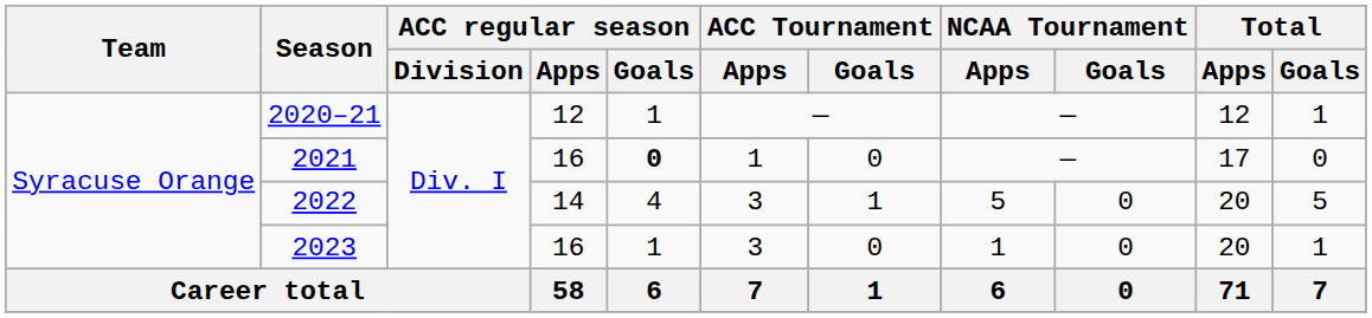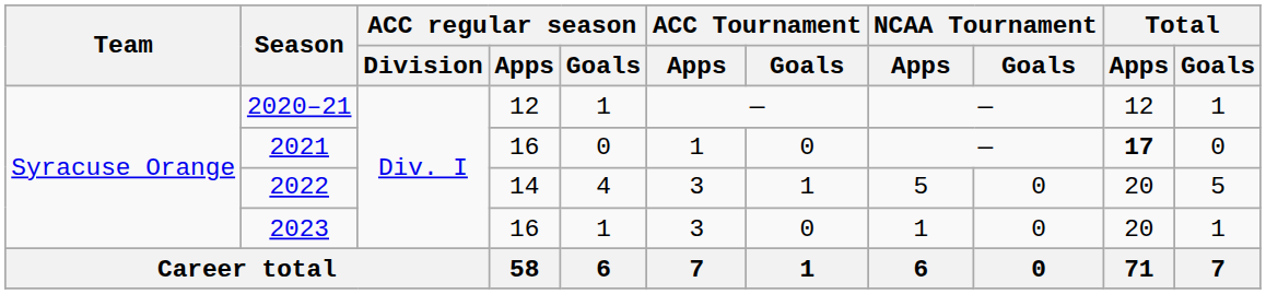 <table class="wikitable" style="text-align: center;">
 <tr>
 <th rowspan="2">Team</th>
 <th rowspan="2">Season</th>
 <th colspan="3">ACC regular season</th>
 <th colspan="2">ACC Tournament</th>
 <th colspan="2">NCAA Tournament</th>
 <th colspan="2">Total</th>
 </tr>
 <tr>
 <th>Division</th>
 <th>Apps</th>
 <th>Goals</th>
 <th>Apps</th>
 <th>Goals</th>
 <th>Apps</th>
 <th>Goals</th>
 <th>Apps</th>
 <th>Goals</th>
 </tr>
 <tr>
 <td rowspan="4"><a href='#'>Syracuse Orange</a></td>
 <td><a href='#'>2020–21</a></td>
 <td rowspan="4"><a href='#'>Div. I</a></td>
 <td>12</td>
 <td>1</td>
 <td colspan="2">—</td>
 <td colspan="2">—</td>
 <td>12</td>
 <td>1</td>
 </tr>
 <tr>
 <td><a href='#'>2021</a></td>
 <td>16</td>
-<td><strong>0</strong></td>
+<td>0</td>
 <td>1</td>
 <td>0</td>
 <td colspan="2">—</td>
-<td>17</td>
+<td><strong>17</strong></td>
 <td>0</td>
 </tr>
 <tr>
 <td><a href='#'>2022</a></td>
 <td>14</td>
 <td>4</td>
 <td>3</td>
 <td>1</td>
 <td>5</td>
 <td>0</td>
 <td>20</td>
 <td>5</td>
 </tr>
 <tr>
 <td><a href='#'>2023</a></td>
 <td>16</td>
 <td>1</td>
 <td>3</td>
 <td>0</td>
 <td>1</td>
 <td>0</td>
 <td>20</td>
 <td>1</td>
 </tr>
 <tr>
 <th colspan="3">Career total</th>
 <th>58</th>
 <th>6</th>
 <th>7</th>
 <th>1</th>
 <th>6</th>
 <th>0</th>
 <th>71</th>
 <th>7</th>
 </tr>
 </table>
